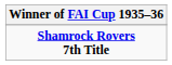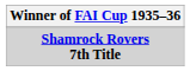 <table class="wikitable" style="text-align: center; margin: 0 auto;">
 <tr>
 <th>Winner of <a href='#'>FAI Cup</a> 1935–36</th>
 </tr>
 <tr>
 </tr>
 <tr>
-<td><strong><a href='#'>Shamrock Rovers</a></strong><br><strong>7th Title</strong></td>
+<td style="background: lightgrey;"><strong><a href='#'>Shamrock Rovers</a></strong><br><strong>7th Title</strong></td>
 </tr>
 </table>
